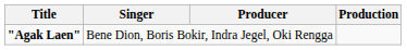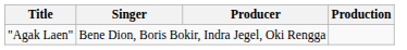 <table class="wikitable unsortable">
 <tr>
 <th>Title</th>
 <th>Singer</th>
 <th>Producer</th>
 <th>Production</th>
 </tr>
 <tr>
-<td><strong>"Agak Laen"</strong></td>
+<td>"Agak Laen"</td>
 <td colspan="2" align="center">Bene Dion, Boris Bokir, Indra Jegel, Oki Rengga</td>
 <td></td>
 </tr>
 </table>
